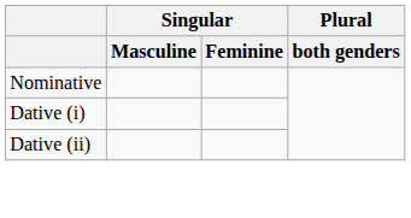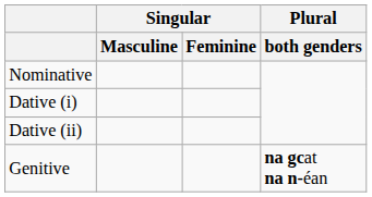 <table class="wikitable">
 <tr>
 <th></th>
 <th colspan=2>Singular</th>
 <th>Plural</th>
 </tr>
 <tr>
 <th></th>
 <th>Masculine</th>
 <th>Feminine</th>
 <th>both genders</th>
 </tr>
 <tr>
 <td>Nominative</td>
 <td> <br></td>
 <td> <br></td>
 <td rowspan=3> <br></td>
 </tr>
 <tr>
 <td>Dative (i)</td>
 <td> <br></td>
 <td> <br></td>
 </tr>
 <tr>
 <td>Dative (ii)</td>
 <td> <br></td>
 <td> <br></td>
 </tr>
+<tr>
+<td>Genitive</td>
+<td> <br></td>
+<td> <br></td>
+<td><strong>na gc</strong>at<br><strong>na n-</strong>éan</td>
+</tr>
 </table>
